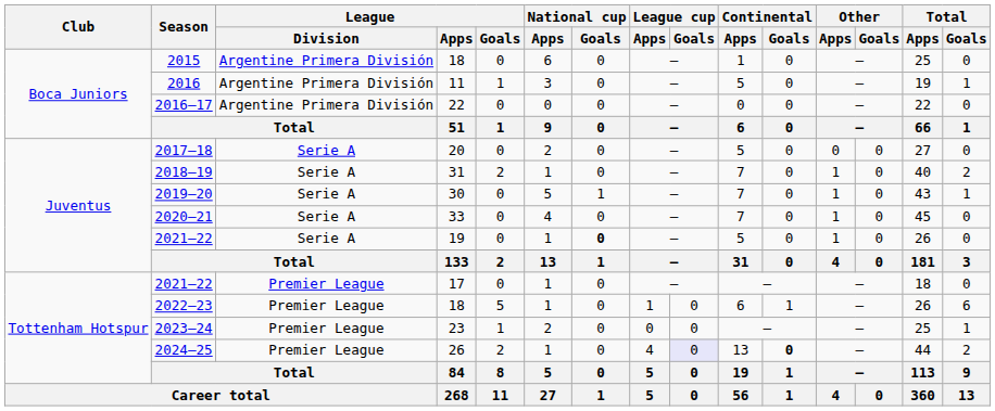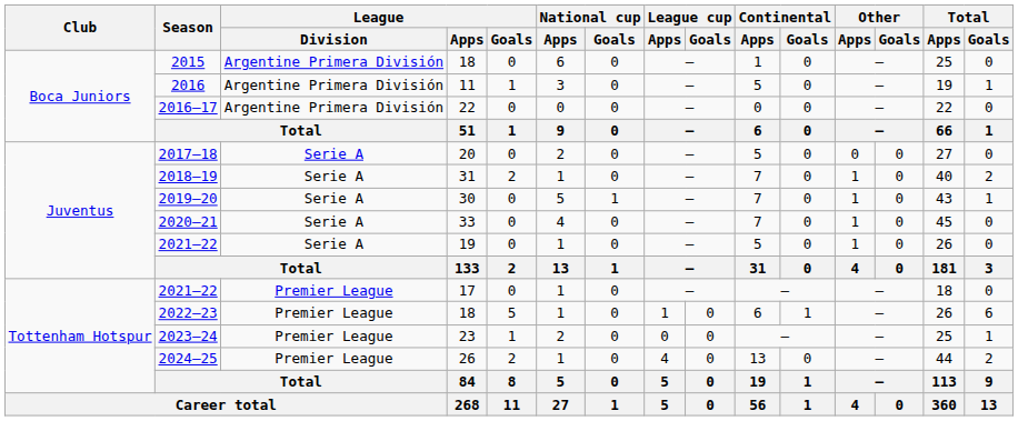 <table class="wikitable" style="text-align:center">
 <tr>
 <th rowspan="2">Club</th>
 <th rowspan="2">Season</th>
 <th colspan="3">League</th>
 <th colspan="2">National cup</th>
 <th colspan="2">League cup</th>
 <th colspan="2">Continental</th>
 <th colspan="2">Other</th>
 <th colspan="2">Total</th>
 </tr>
 <tr>
 <th>Division</th>
 <th>Apps</th>
 <th>Goals</th>
 <th>Apps</th>
 <th>Goals</th>
 <th>Apps</th>
 <th>Goals</th>
 <th>Apps</th>
 <th>Goals</th>
 <th>Apps</th>
 <th>Goals</th>
 <th>Apps</th>
 <th>Goals</th>
 </tr>
 <tr>
 <td rowspan="4"><a href='#'>Boca Juniors</a></td>
 <td><a href='#'>2015</a></td>
 <td><a href='#'>Argentine Primera División</a></td>
 <td>18</td>
 <td>0</td>
 <td>6</td>
 <td>0</td>
 <td colspan="2">—</td>
 <td>1</td>
 <td>0</td>
 <td colspan="2">—</td>
 <td>25</td>
 <td>0</td>
 </tr>
 <tr>
 <td><a href='#'>2016</a></td>
 <td>Argentine Primera División</td>
 <td>11</td>
 <td>1</td>
 <td>3</td>
 <td>0</td>
 <td colspan="2">—</td>
 <td>5</td>
 <td>0</td>
 <td colspan="2">—</td>
 <td>19</td>
 <td>1</td>
 </tr>
 <tr>
 <td><a href='#'>2016–17</a></td>
 <td>Argentine Primera División</td>
 <td>22</td>
 <td>0</td>
 <td>0</td>
 <td>0</td>
 <td colspan="2">—</td>
 <td>0</td>
 <td>0</td>
 <td colspan="2">—</td>
 <td>22</td>
 <td>0</td>
 </tr>
 <tr>
 <th colspan="2">Total</th>
 <th>51</th>
 <th>1</th>
 <th>9</th>
 <th>0</th>
 <th colspan="2">—</th>
 <th>6</th>
 <th>0</th>
 <th colspan="2">–</th>
 <th>66</th>
 <th>1</th>
 </tr>
 <tr>
 <td rowspan="6"><a href='#'>Juventus</a></td>
 <td><a href='#'>2017–18</a></td>
 <td><a href='#'>Serie A</a></td>
 <td>20</td>
 <td>0</td>
 <td>2</td>
 <td>0</td>
 <td colspan="2">—</td>
 <td>5</td>
 <td>0</td>
 <td>0</td>
 <td>0</td>
 <td>27</td>
 <td>0</td>
 </tr>
 <tr>
 <td><a href='#'>2018–19</a></td>
 <td>Serie A</td>
 <td>31</td>
 <td>2</td>
 <td>1</td>
 <td>0</td>
 <td colspan="2">—</td>
 <td>7</td>
 <td>0</td>
 <td>1</td>
 <td>0</td>
 <td>40</td>
 <td>2</td>
 </tr>
 <tr>
 <td><a href='#'>2019–20</a></td>
 <td>Serie A</td>
 <td>30</td>
 <td>0</td>
 <td>5</td>
 <td>1</td>
 <td colspan="2">—</td>
 <td>7</td>
 <td>0</td>
 <td>1</td>
 <td>0</td>
 <td>43</td>
 <td>1</td>
 </tr>
 <tr>
 <td><a href='#'>2020–21</a></td>
 <td>Serie A</td>
 <td>33</td>
 <td>0</td>
 <td>4</td>
 <td>0</td>
 <td colspan="2">—</td>
 <td>7</td>
 <td>0</td>
 <td>1</td>
 <td>0</td>
 <td>45</td>
 <td>0</td>
 </tr>
 <tr>
 <td><a href='#'>2021–22</a></td>
 <td>Serie A</td>
 <td>19</td>
 <td>0</td>
 <td>1</td>
-<td><strong>0</strong></td>
+<td>0</td>
 <td colspan="2">—</td>
 <td>5</td>
 <td>0</td>
 <td>1</td>
 <td>0</td>
 <td>26</td>
 <td>0</td>
 </tr>
 <tr>
 <th colspan="2">Total</th>
 <th>133</th>
 <th>2</th>
 <th>13</th>
 <th>1</th>
 <th colspan="2">—</th>
 <th>31</th>
 <th>0</th>
 <th>4</th>
 <th>0</th>
 <th>181</th>
 <th>3</th>
 </tr>
 <tr>
 <td rowspan="5"><a href='#'>Tottenham Hotspur</a></td>
 <td><a href='#'>2021–22</a></td>
 <td><a href='#'>Premier League</a></td>
 <td>17</td>
 <td>0</td>
 <td>1</td>
 <td>0</td>
 <td colspan="2">—</td>
 <td colspan="2">—</td>
 <td colspan="2">—</td>
 <td>18</td>
 <td>0</td>
 </tr>
 <tr>
 <td><a href='#'>2022–23</a></td>
 <td>Premier League</td>
 <td>18</td>
 <td>5</td>
 <td>1</td>
 <td>0</td>
 <td>1</td>
 <td>0</td>
 <td>6</td>
 <td>1</td>
 <td colspan="2">—</td>
 <td>26</td>
 <td>6</td>
 </tr>
 <tr>
 <td><a href='#'>2023–24</a></td>
 <td>Premier League</td>
 <td>23</td>
 <td>1</td>
 <td>2</td>
 <td>0</td>
 <td>0</td>
 <td>0</td>
 <td colspan="2">—</td>
 <td colspan="2">—</td>
 <td>25</td>
 <td>1</td>
 </tr>
 <tr>
 <td><a href='#'>2024–25</a></td>
 <td>Premier League</td>
 <td>26</td>
 <td>2</td>
 <td>1</td>
 <td>0</td>
 <td>4</td>
-<td style="background: lavender;">0</td>
+<td>0</td>
 <td>13</td>
-<td><strong>0</strong></td>
+<td>0</td>
 <td colspan="2">—</td>
 <td>44</td>
 <td>2</td>
 </tr>
 <tr>
 <th colspan="2">Total</th>
 <th>84</th>
 <th>8</th>
 <th>5</th>
 <th>0</th>
 <th>5</th>
 <th>0</th>
 <th>19</th>
 <th>1</th>
 <th colspan="2">—</th>
 <th>113</th>
 <th>9</th>
 </tr>
 <tr>
 <th colspan="3">Career total</th>
 <th>268</th>
 <th>11</th>
 <th>27</th>
 <th>1</th>
 <th>5</th>
 <th>0</th>
 <th>56</th>
 <th>1</th>
 <th>4</th>
 <th>0</th>
 <th>360</th>
 <th>13</th>
 </tr>
 </table>
